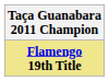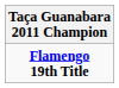 <table class="wikitable" style="text-align: center; margin: 0 auto;">
 <tr>
 <th>Taça Guanabara<br>2011 Champion</th>
 </tr>
 <tr>
-<td style="background: khaki;"><strong><a href='#'>Flamengo</a></strong><br><strong>19th Title</strong></td>
+<td><strong><a href='#'>Flamengo</a></strong><br><strong>19th Title</strong></td>
 </tr>
 </table>
